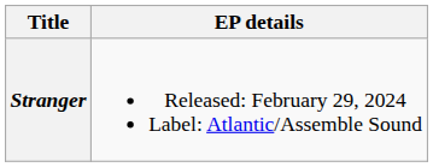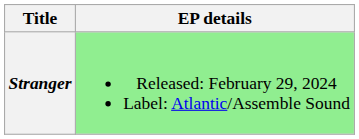 <table class="wikitable plainrowheaders" style="text-align:center;">
 <tr>
 <th scope="col">Title</th>
 <th scope="col">EP details</th>
 </tr>
 <tr>
 <th scope="row"><em>Stranger</em></th>
-<td><br><ul><li>Released: February 29, 2024</li><li>Label: <a href='#'>Atlantic</a>/Assemble Sound</li></ul></td>
+<td style="background: lightgreen;"><br><ul><li>Released: February 29, 2024</li><li>Label: <a href='#'>Atlantic</a>/Assemble Sound</li></ul></td>
 </tr>
 </table>
